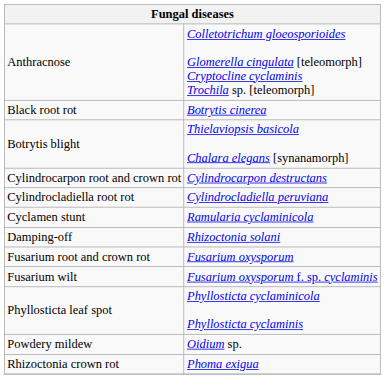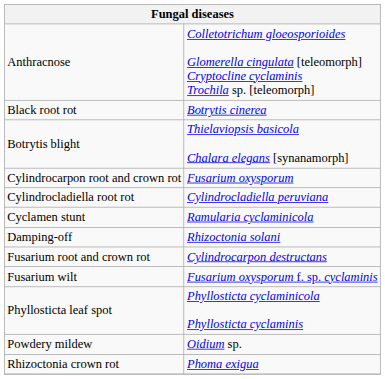 <table class="wikitable" style="clear">
 <tr>
 <th colspan=2><strong>Fungal diseases</strong><br></th>
 </tr>
 <tr>
 <td>Anthracnose</td>
 <td><em><a href='#'>Colletotrichum gloeosporioides</a></em><br><br><em><a href='#'>Glomerella cingulata</a></em> [teleomorph] <br> <em><a href='#'>Cryptocline cyclaminis</a></em><br> <em><a href='#'>Trochila</a></em> sp. [teleomorph]</td>
 </tr>
 <tr>
 <td>Black root rot</td>
 <td><em><a href='#'>Botrytis cinerea</a></em></td>
 </tr>
 <tr>
 <td>Botrytis blight</td>
 <td><em><a href='#'>Thielaviopsis basicola</a></em><br><br><em><a href='#'>Chalara elegans</a></em> [synanamorph]</td>
 </tr>
 <tr>
 <td>Cylindrocarpon root and crown rot</td>
-<td><em><a href='#'>Cylindrocarpon destructans</a></em></td>
+<td><em><a href='#'>Fusarium oxysporum</a></em></td>
 </tr>
 <tr>
 <td>Cylindrocladiella root rot</td>
 <td><em><a href='#'>Cylindrocladiella peruviana</a></em></td>
 </tr>
 <tr>
 <td>Cyclamen stunt</td>
 <td><em><a href='#'>Ramularia cyclaminicola</a></em></td>
 </tr>
 <tr>
 <td>Damping-off</td>
 <td><em><a href='#'>Rhizoctonia solani</a></em></td>
 </tr>
 <tr>
 <td>Fusarium root and crown rot</td>
-<td><em><a href='#'>Fusarium oxysporum</a></em></td>
+<td><em><a href='#'>Cylindrocarpon destructans</a></em></td>
 </tr>
 <tr>
 <td>Fusarium wilt</td>
 <td><a href='#'><em>Fusarium oxysporum</em> f. sp. <em>cyclaminis</em></a></td>
 </tr>
 <tr>
 <td>Phyllosticta leaf spot</td>
 <td><em><a href='#'>Phyllosticta cyclaminicola</a></em><br><br><em><a href='#'>Phyllosticta cyclaminis</a></em></td>
 </tr>
 <tr>
 <td>Powdery mildew</td>
 <td><em><a href='#'>Oidium</a></em> sp.</td>
 </tr>
 <tr>
 <td>Rhizoctonia crown rot</td>
 <td><em><a href='#'>Phoma exigua</a></em></td>
 </tr>
 <tr>
 </tr>
 </table>
